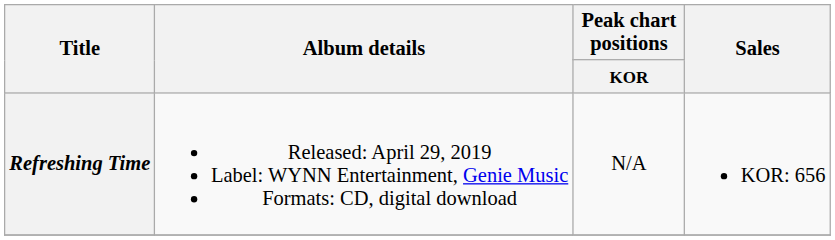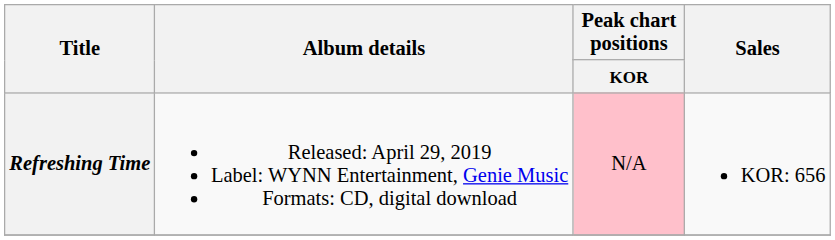 <table class="wikitable plainrowheaders" style="text-align:center;">
 <tr>
 <th scope="col" rowspan="2">Title</th>
 <th scope="col" rowspan="2">Album details</th>
 <th scope="col" colspan="1" style="width:5em;">Peak chart positions</th>
 <th scope="col" rowspan="2">Sales</th>
 </tr>
 <tr>
 <th><small>KOR</small><br></th>
 </tr>
 <tr>
 <th scope="row"><em>Refreshing Time</em></th>
 <td><br><ul><li>Released: April 29, 2019</li><li>Label: WYNN Entertainment, <a href='#'>Genie Music</a></li><li>Formats: CD, digital download</li></ul></td>
-<td>N/A</td>
+<td style="background: pink;">N/A</td>
 <td><br><ul><li>KOR: 656</li></ul></td>
 </tr>
 <tr>
 </tr>
 </table>
